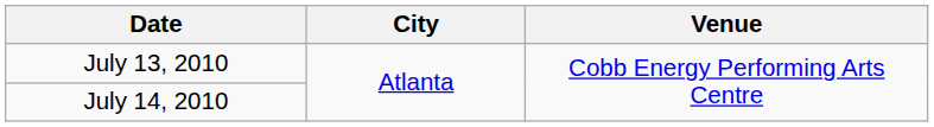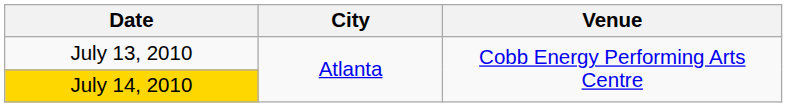 <table class="wikitable" style="text-align:center;">
 <tr>
 <th scope="col" style="width:50em;">Date</th>
 <th scope="col" style="width:30em;">City</th>
 <th scope="col" style="width:60em;">Venue</th>
 </tr>
 <tr>
 <td>July 13, 2010</td>
 <td rowspan="2"><a href='#'>Atlanta</a></td>
 <td rowspan="2"><a href='#'>Cobb Energy Performing Arts Centre</a></td>
 </tr>
 <tr>
-<td>July 14, 2010</td>
+<td style="background: gold;">July 14, 2010</td>
 </tr>
 </table>
